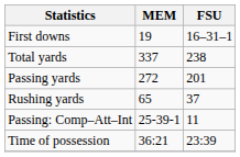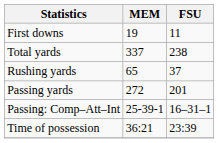 <table class="wikitable" style="float: left;">
 <tr>
 <th>Statistics</th>
 <th>MEM</th>
 <th>FSU</th>
 </tr>
 <tr>
 <td>First downs</td>
 <td>19</td>
-<td>16–31–1</td>
+<td>11</td>
 </tr>
 <tr>
 <td>Total yards</td>
 <td>337</td>
 <td>238</td>
 </tr>
 <tr>
+<td>Rushing yards</td>
+<td>65</td>
+<td>37</td>
+</tr>
+<tr>
 <td>Passing yards</td>
 <td>272</td>
 <td>201</td>
 </tr>
 <tr>
-<td>Rushing yards</td>
-<td>65</td>
-<td>37</td>
-</tr>
-<tr>
 <td>Passing: Comp–Att–Int</td>
 <td>25-39-1</td>
-<td>11</td>
+<td>16–31–1</td>
 </tr>
 <tr>
 <td>Time of possession</td>
 <td>36:21</td>
 <td>23:39</td>
 </tr>
 <tr>
 </tr>
 </table>
